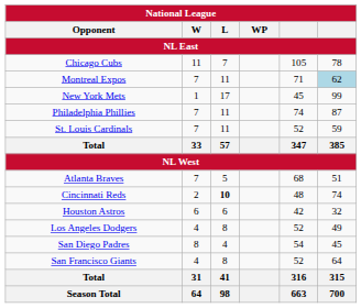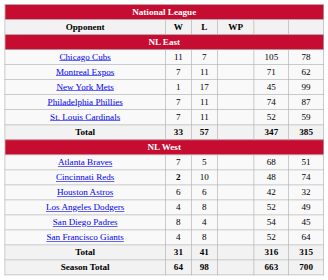 <table class="wikitable" style="font-size:95%; text-align:center; width:35em;margin: 0.5em auto;">
 <tr>
 <td colspan="7" style="background:#c60c30;color:#fff"><strong>National League</strong></td>
 </tr>
 <tr>
 <th>Opponent</th>
 <th>W</th>
 <th>L</th>
 <th>WP</th>
 <th></th>
 <th></th>
 </tr>
 <tr>
 <td colspan="7" style="background:#c60c30;color:#fff"><strong>NL East</strong></td>
 </tr>
 <tr>
 <td><a href='#'>Chicago Cubs</a></td>
 <td>11</td>
 <td>7</td>
 <td></td>
 <td>105</td>
 <td>78</td>
 </tr>
 <tr>
 <td><a href='#'>Montreal Expos</a></td>
 <td>7</td>
 <td>11</td>
 <td></td>
 <td>71</td>
-<td style="background: lightblue;">62</td>
+<td>62</td>
 </tr>
 <tr>
 <td><a href='#'>New York Mets</a></td>
 <td>1</td>
 <td>17</td>
 <td></td>
 <td>45</td>
 <td>99</td>
 </tr>
 <tr>
 <td><a href='#'>Philadelphia Phillies</a></td>
 <td>7</td>
 <td>11</td>
 <td></td>
 <td>74</td>
 <td>87</td>
 </tr>
 <tr>
 <td><a href='#'>St. Louis Cardinals</a></td>
 <td>7</td>
 <td>11</td>
 <td></td>
 <td>52</td>
 <td>59</td>
 </tr>
 <tr>
 <th>Total</th>
 <th>33</th>
 <th>57</th>
 <th></th>
 <th>347</th>
 <th>385</th>
 </tr>
 <tr>
 <td colspan="7" style="background:#c60c30;color:#fff"><strong>NL West</strong></td>
 </tr>
 <tr>
 <td><a href='#'>Atlanta Braves</a></td>
 <td>7</td>
 <td>5</td>
 <td></td>
 <td>68</td>
 <td>51</td>
 </tr>
 <tr>
 <td><a href='#'>Cincinnati Reds</a></td>
-<td>2</td>
-<td><strong>10</strong></td>
+<td><strong>2</strong></td>
+<td>10</td>
 <td></td>
 <td>48</td>
 <td>74</td>
 </tr>
 <tr>
 <td><a href='#'>Houston Astros</a></td>
 <td>6</td>
 <td>6</td>
 <td></td>
 <td>42</td>
 <td>32</td>
 </tr>
 <tr>
 <td><a href='#'>Los Angeles Dodgers</a></td>
 <td>4</td>
 <td>8</td>
 <td></td>
 <td>52</td>
 <td>49</td>
 </tr>
 <tr>
 <td><a href='#'>San Diego Padres</a></td>
 <td>8</td>
 <td>4</td>
 <td></td>
 <td>54</td>
 <td>45</td>
 </tr>
 <tr>
 <td><a href='#'>San Francisco Giants</a></td>
 <td>4</td>
 <td>8</td>
 <td></td>
 <td>52</td>
 <td>64</td>
 </tr>
 <tr>
 <th>Total</th>
 <th>31</th>
 <th>41</th>
 <th></th>
 <th>316</th>
 <th>315</th>
 </tr>
 <tr>
 <th>Season Total</th>
 <th>64</th>
 <th>98</th>
 <th></th>
 <th>663</th>
 <th>700</th>
 </tr>
 </table>
